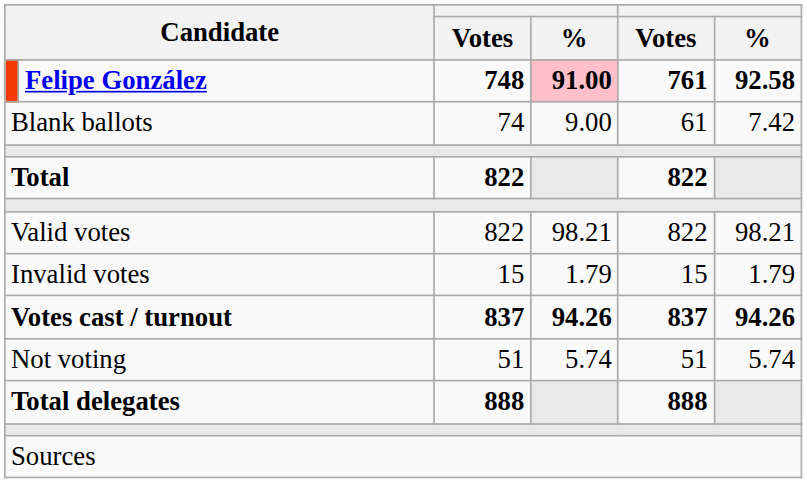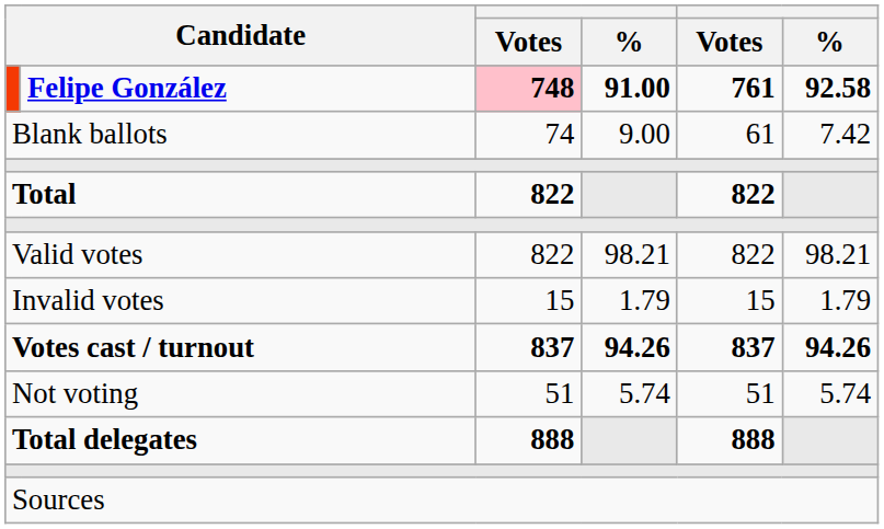 <table class="wikitable" style="text-align:right;">
 <tr>
 <th rowspan="2" colspan="2" width="250">Candidate</th>
 <th colspan="2"></th>
 <th colspan="2"></th>
 </tr>
 <tr>
 <th width="50">Votes</th>
 <th width="45">%</th>
 <th width="50">Votes</th>
 <th width="45">%</th>
 </tr>
 <tr>
 <td width="1" style="color:inherit;background:#F53903"></td>
 <td align="left"><strong><a href='#'>Felipe González</a></strong></td>
-<td><strong>748</strong></td>
-<td style="background: pink;"><strong>91.00</strong></td>
+<td style="background: pink;"><strong>748</strong></td>
+<td><strong>91.00</strong></td>
 <td><strong>761</strong></td>
 <td><strong>92.58</strong></td>
 </tr>
 <tr>
 <td align="left" colspan="2">Blank ballots</td>
 <td>74</td>
 <td>9.00</td>
 <td>61</td>
 <td>7.42</td>
 </tr>
 <tr>
 <td colspan="6" bgcolor="#E9E9E9"></td>
 </tr>
 <tr style="font-weight:bold;">
 <td align="left" colspan="2">Total</td>
 <td>822</td>
 <td bgcolor="#E9E9E9"></td>
 <td>822</td>
 <td bgcolor="#E9E9E9"></td>
 </tr>
 <tr>
 <td colspan="6" bgcolor="#E9E9E9"></td>
 </tr>
 <tr>
 <td align="left" colspan="2">Valid votes</td>
 <td>822</td>
 <td>98.21</td>
 <td>822</td>
 <td>98.21</td>
 </tr>
 <tr>
 <td align="left" colspan="2">Invalid votes</td>
 <td>15</td>
 <td>1.79</td>
 <td>15</td>
 <td>1.79</td>
 </tr>
 <tr style="font-weight:bold;">
 <td align="left" colspan="2">Votes cast / turnout</td>
 <td>837</td>
 <td>94.26</td>
 <td>837</td>
 <td>94.26</td>
 </tr>
 <tr>
 <td align="left" colspan="2">Not voting</td>
 <td>51</td>
 <td>5.74</td>
 <td>51</td>
 <td>5.74</td>
 </tr>
 <tr style="font-weight:bold;">
 <td align="left" colspan="2">Total delegates</td>
 <td>888</td>
 <td bgcolor="#E9E9E9"></td>
 <td>888</td>
 <td bgcolor="#E9E9E9"></td>
 </tr>
 <tr>
 <td colspan="6" bgcolor="#E9E9E9"></td>
 </tr>
 <tr>
 <td align="left" colspan="6">Sources</td>
 </tr>
 </table>
